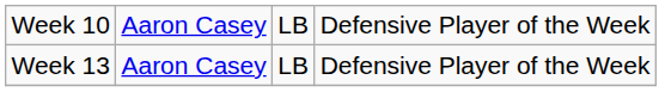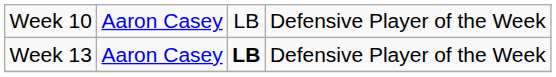 <table class="wikitable sortable sortable" style="text-align: center">
 <tr>
 <td>Week 10</td>
 <td><a href='#'>Aaron Casey</a></td>
 <td>LB</td>
 <td>Defensive Player of the Week</td>
 </tr>
 <tr>
 <td>Week 13</td>
 <td><a href='#'>Aaron Casey</a></td>
-<td>LB</td>
+<td><strong>LB</strong></td>
 <td>Defensive Player of the Week</td>
 </tr>
 <tr>
 </tr>
 </table>
